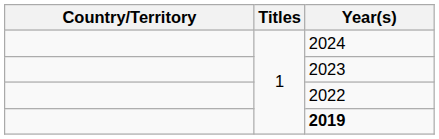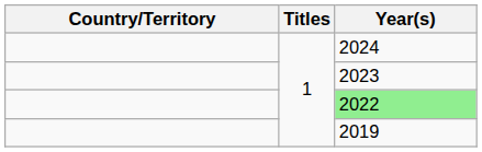 <table class="wikitable sortable" style="font-size:85%;">
 <tr>
 <th width="200">Country/Territory</th>
 <th width="20">Titles</th>
 <th width="100">Year(s)</th>
 </tr>
 <tr>
 <td></td>
 <td rowspan="4" style="text-align:center;">1</td>
 <td>2024</td>
 </tr>
 <tr>
 <td></td>
 <td>2023</td>
 </tr>
 <tr>
 <td></td>
-<td>2022</td>
+<td style="background: lightgreen;">2022</td>
 </tr>
 <tr>
 <td></td>
-<td><strong>2019</strong></td>
+<td>2019</td>
 </tr>
 </table>
